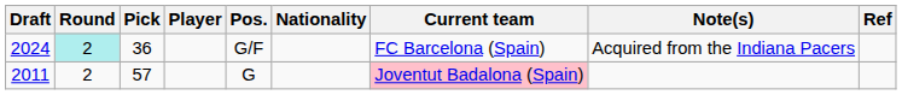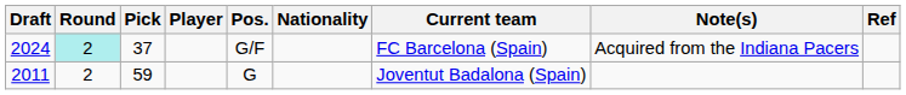 <table class="wikitable sortable" style="text-align:left; font-size:90%;">
 <tr>
 <th>Draft</th>
 <th>Round</th>
 <th>Pick</th>
 <th>Player</th>
 <th>Pos.</th>
 <th>Nationality</th>
 <th>Current team</th>
 <th>Note(s)</th>
 <th class="unsortable">Ref</th>
 </tr>
 <tr>
 <td style="text-align:center;"><a href='#'>2024</a></td>
 <td style="background: paleturquoise; text-align:center;">2</td>
-<td style="text-align:center;">36</td>
+<td style="text-align:center;">37</td>
 <td></td>
 <td style="text-align:center;">G/F</td>
 <td></td>
 <td><a href='#'>FC Barcelona</a> (<a href='#'>Spain</a>)</td>
 <td>Acquired from the <a href='#'>Indiana Pacers</a></td>
 <td style="text-align:center;"></td>
 </tr>
 <tr>
 <td style="text-align:center;"><a href='#'>2011</a></td>
 <td style="text-align:center;">2</td>
-<td style="text-align:center;">57</td>
+<td style="text-align:center;">59</td>
 <td></td>
 <td style="text-align:center;">G</td>
 <td></td>
-<td style="background: pink;"><a href='#'>Joventut Badalona</a> (<a href='#'>Spain</a>)</td>
+<td><a href='#'>Joventut Badalona</a> (<a href='#'>Spain</a>)</td>
 <td></td>
 <td style="text-align:center;"></td>
 </tr>
 </table>
